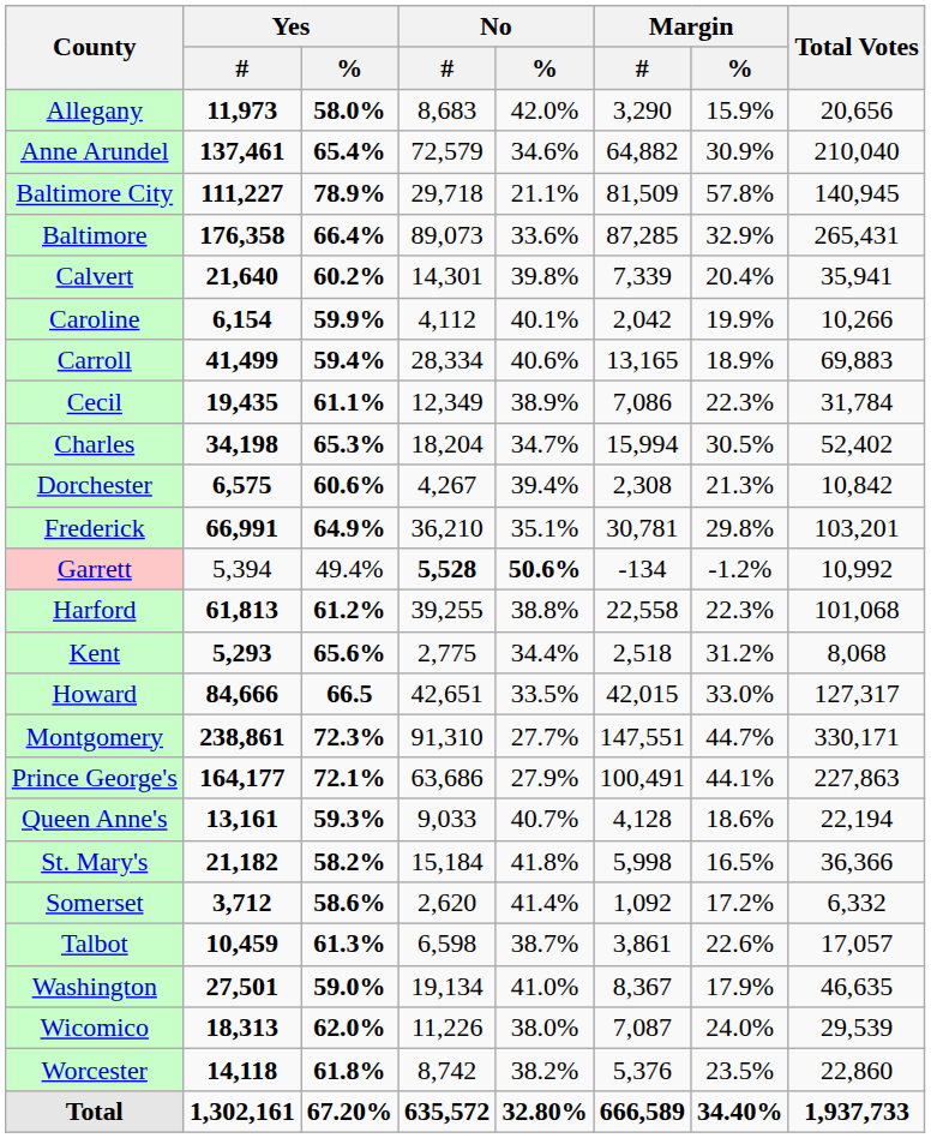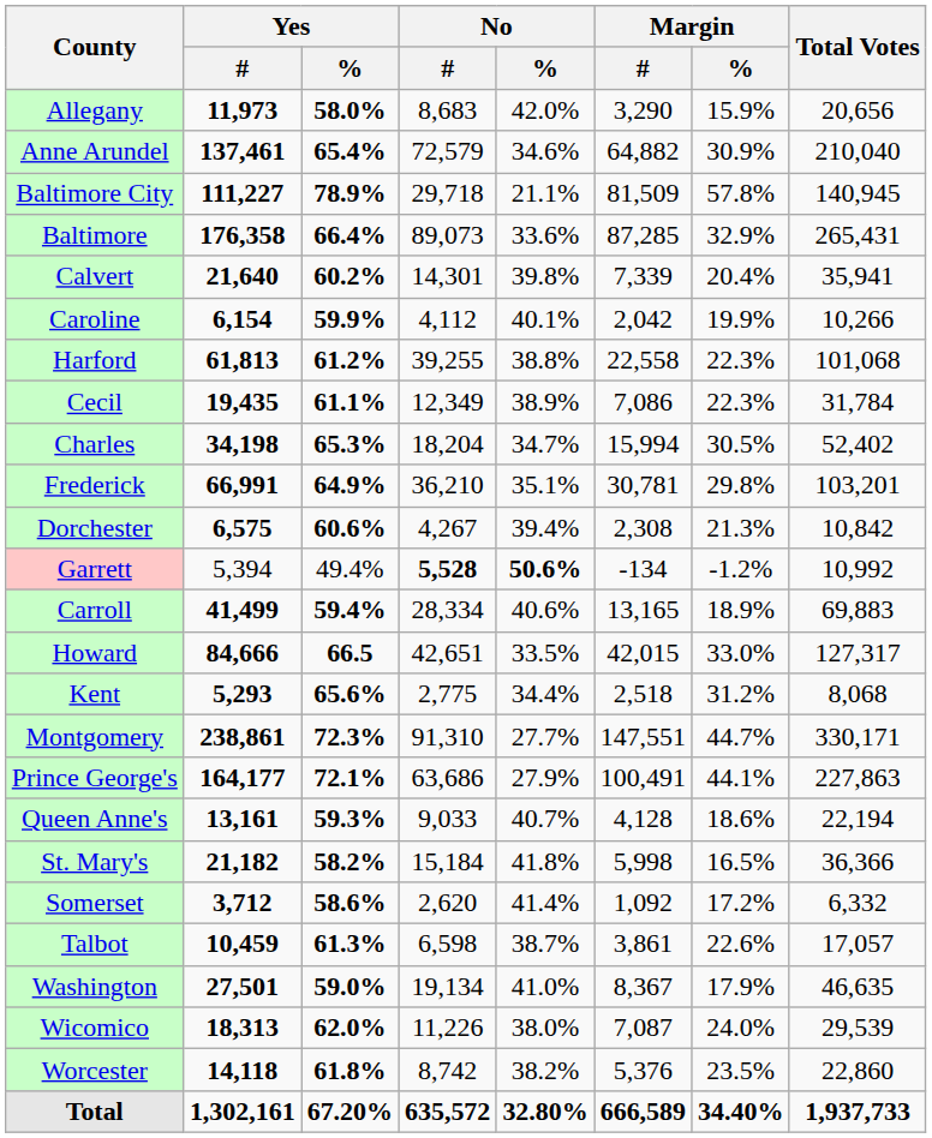 <table class="wikitable sortable" style="text-align:center">
 <tr style="background:lightgrey;">
 <th rowspan="2">County</th>
 <th colspan="2">Yes</th>
 <th colspan="2">No</th>
 <th colspan="2">Margin</th>
 <th rowspan="2">Total Votes</th>
 </tr>
 <tr>
 <th>#</th>
 <th>%</th>
 <th>#</th>
 <th>%</th>
 <th>#</th>
 <th>%</th>
 </tr>
 <tr>
 <td style="text-align:center; background:#c8ffc8;"><a href='#'>Allegany</a></td>
 <td style="text-align:center;"><strong>11,973</strong></td>
 <td style="text-align:center;"><strong>58.0%</strong></td>
 <td style="text-align:center;">8,683</td>
 <td style="text-align:center;">42.0%</td>
 <td style="text-align:center;">3,290</td>
 <td style="text-align:center;">15.9%</td>
 <td style="text-align:center;">20,656</td>
 </tr>
 <tr>
 <td style="text-align:center; background:#c8ffc8;"><a href='#'>Anne Arundel</a></td>
 <td style="text-align:center;"><strong>137,461</strong></td>
 <td style="text-align:center;"><strong>65.4%</strong></td>
 <td style="text-align:center;">72,579</td>
 <td style="text-align:center;">34.6%</td>
 <td style="text-align:center;">64,882</td>
 <td style="text-align:center;">30.9%</td>
 <td style="text-align:center;">210,040</td>
 </tr>
 <tr>
 <td style="text-align:center; background:#c8ffc8;"><a href='#'>Baltimore City</a></td>
 <td style="text-align:center;"><strong>111,227</strong></td>
 <td style="text-align:center;"><strong>78.9%</strong></td>
 <td style="text-align:center;">29,718</td>
 <td style="text-align:center;">21.1%</td>
 <td style="text-align:center;">81,509</td>
 <td style="text-align:center;">57.8%</td>
 <td style="text-align:center;">140,945</td>
 </tr>
 <tr>
 <td style="text-align:center; background:#c8ffc8;"><a href='#'>Baltimore</a></td>
 <td style="text-align:center;"><strong>176,358</strong></td>
 <td style="text-align:center;"><strong>66.4%</strong></td>
 <td style="text-align:center;">89,073</td>
 <td style="text-align:center;">33.6%</td>
 <td style="text-align:center;">87,285</td>
 <td style="text-align:center;">32.9%</td>
 <td style="text-align:center;">265,431</td>
 </tr>
 <tr>
 <td style="text-align:center; background:#c8ffc8;"><a href='#'>Calvert</a></td>
 <td style="text-align:center;"><strong>21,640</strong></td>
 <td style="text-align:center;"><strong>60.2%</strong></td>
 <td style="text-align:center;">14,301</td>
 <td style="text-align:center;">39.8%</td>
 <td style="text-align:center;">7,339</td>
 <td style="text-align:center;">20.4%</td>
 <td style="text-align:center;">35,941</td>
 </tr>
 <tr>
 <td style="text-align:center; background:#c8ffc8;"><a href='#'>Caroline</a></td>
 <td style="text-align:center;"><strong>6,154</strong></td>
 <td style="text-align:center;"><strong>59.9%</strong></td>
 <td style="text-align:center;">4,112</td>
 <td style="text-align:center;">40.1%</td>
 <td style="text-align:center;">2,042</td>
 <td style="text-align:center;">19.9%</td>
 <td style="text-align:center;">10,266</td>
 </tr>
 <tr>
-<td style="text-align:center; background:#c8ffc8;"><a href='#'>Carroll</a></td>
-<td style="text-align:center;"><strong>41,499</strong></td>
-<td style="text-align:center;"><strong>59.4%</strong></td>
-<td style="text-align:center;">28,334</td>
-<td style="text-align:center;">40.6%</td>
-<td style="text-align:center;">13,165</td>
-<td style="text-align:center;">18.9%</td>
-<td style="text-align:center;">69,883</td>
+<td style="text-align:center; background:#c8ffc8;"><a href='#'>Harford</a></td>
+<td style="text-align:center;"><strong>61,813</strong></td>
+<td style="text-align:center;"><strong>61.2%</strong></td>
+<td style="text-align:center;">39,255</td>
+<td style="text-align:center;">38.8%</td>
+<td style="text-align:center;">22,558</td>
+<td style="text-align:center;">22.3%</td>
+<td style="text-align:center;">101,068</td>
 </tr>
 <tr>
 <td style="text-align:center; background:#c8ffc8;"><a href='#'>Cecil</a></td>
 <td style="text-align:center;"><strong>19,435</strong></td>
 <td style="text-align:center;"><strong>61.1%</strong></td>
 <td style="text-align:center;">12,349</td>
 <td style="text-align:center;">38.9%</td>
 <td style="text-align:center;">7,086</td>
 <td style="text-align:center;">22.3%</td>
 <td style="text-align:center;">31,784</td>
 </tr>
 <tr>
 <td style="text-align:center; background:#c8ffc8;"><a href='#'>Charles</a></td>
 <td style="text-align:center;"><strong>34,198</strong></td>
 <td style="text-align:center;"><strong>65.3%</strong></td>
 <td style="text-align:center;">18,204</td>
 <td style="text-align:center;">34.7%</td>
 <td style="text-align:center;">15,994</td>
 <td style="text-align:center;">30.5%</td>
 <td style="text-align:center;">52,402</td>
 </tr>
 <tr>
+<td style="text-align:center; background:#c8ffc8;"><a href='#'>Frederick</a></td>
+<td style="text-align:center;"><strong>66,991</strong></td>
+<td style="text-align:center;"><strong>64.9%</strong></td>
+<td style="text-align:center;">36,210</td>
+<td style="text-align:center;">35.1%</td>
+<td style="text-align:center;">30,781</td>
+<td style="text-align:center;">29.8%</td>
+<td style="text-align:center;">103,201</td>
+</tr>
+<tr>
 <td style="text-align:center; background:#c8ffc8;"><a href='#'>Dorchester</a></td>
 <td style="text-align:center;"><strong>6,575</strong></td>
 <td style="text-align:center;"><strong>60.6%</strong></td>
 <td style="text-align:center;">4,267</td>
 <td style="text-align:center;">39.4%</td>
 <td style="text-align:center;">2,308</td>
 <td style="text-align:center;">21.3%</td>
 <td style="text-align:center;">10,842</td>
-</tr>
-<tr>
-<td style="text-align:center; background:#c8ffc8;"><a href='#'>Frederick</a></td>
-<td style="text-align:center;"><strong>66,991</strong></td>
-<td style="text-align:center;"><strong>64.9%</strong></td>
-<td style="text-align:center;">36,210</td>
-<td style="text-align:center;">35.1%</td>
-<td style="text-align:center;">30,781</td>
-<td style="text-align:center;">29.8%</td>
-<td style="text-align:center;">103,201</td>
 </tr>
 <tr>
 <td style="text-align:center; background:#ffc8c8;"><a href='#'>Garrett</a></td>
 <td style="text-align:center;">5,394</td>
 <td style="text-align:center;">49.4%</td>
 <td style="text-align:center;"><strong>5,528</strong></td>
 <td style="text-align:center;"><strong>50.6%</strong></td>
 <td style="text-align:center;">-134</td>
 <td style="text-align:center;">-1.2%</td>
 <td style="text-align:center;">10,992</td>
 </tr>
 <tr>
-<td style="text-align:center; background:#c8ffc8;"><a href='#'>Harford</a></td>
-<td style="text-align:center;"><strong>61,813</strong></td>
-<td style="text-align:center;"><strong>61.2%</strong></td>
-<td style="text-align:center;">39,255</td>
-<td style="text-align:center;">38.8%</td>
-<td style="text-align:center;">22,558</td>
-<td style="text-align:center;">22.3%</td>
-<td style="text-align:center;">101,068</td>
+<td style="text-align:center; background:#c8ffc8;"><a href='#'>Carroll</a></td>
+<td style="text-align:center;"><strong>41,499</strong></td>
+<td style="text-align:center;"><strong>59.4%</strong></td>
+<td style="text-align:center;">28,334</td>
+<td style="text-align:center;">40.6%</td>
+<td style="text-align:center;">13,165</td>
+<td style="text-align:center;">18.9%</td>
+<td style="text-align:center;">69,883</td>
+</tr>
+<tr>
+<td style="text-align:center; background:#c8ffc8;"><a href='#'>Howard</a></td>
+<td style="text-align:center;"><strong>84,666</strong></td>
+<td style="text-align:center;"><strong>66.5</strong></td>
+<td style="text-align:center;">42,651</td>
+<td style="text-align:center;">33.5%</td>
+<td style="text-align:center;">42,015</td>
+<td style="text-align:center;">33.0%</td>
+<td style="text-align:center;">127,317</td>
 </tr>
 <tr>
 <td style="text-align:center; background:#c8ffc8;"><a href='#'>Kent</a></td>
 <td style="text-align:center;"><strong>5,293</strong></td>
 <td style="text-align:center;"><strong>65.6%</strong></td>
 <td style="text-align:center;">2,775</td>
 <td style="text-align:center;">34.4%</td>
 <td style="text-align:center;">2,518</td>
 <td style="text-align:center;">31.2%</td>
 <td style="text-align:center;">8,068</td>
-</tr>
-<tr>
-<td style="text-align:center; background:#c8ffc8;"><a href='#'>Howard</a></td>
-<td style="text-align:center;"><strong>84,666</strong></td>
-<td style="text-align:center;"><strong>66.5</strong></td>
-<td style="text-align:center;">42,651</td>
-<td style="text-align:center;">33.5%</td>
-<td style="text-align:center;">42,015</td>
-<td style="text-align:center;">33.0%</td>
-<td style="text-align:center;">127,317</td>
 </tr>
 <tr>
 <td style="text-align:center; background:#c8ffc8;"><a href='#'>Montgomery</a></td>
 <td style="text-align:center;"><strong>238,861</strong></td>
 <td style="text-align:center;"><strong>72.3%</strong></td>
 <td style="text-align:center;">91,310</td>
 <td style="text-align:center;">27.7%</td>
 <td style="text-align:center;">147,551</td>
 <td style="text-align:center;">44.7%</td>
 <td style="text-align:center;">330,171</td>
 </tr>
 <tr>
 <td style="text-align:center; background:#c8ffc8;"><a href='#'>Prince George's</a></td>
 <td style="text-align:center;"><strong>164,177</strong></td>
 <td style="text-align:center;"><strong>72.1%</strong></td>
 <td style="text-align:center;">63,686</td>
 <td style="text-align:center;">27.9%</td>
 <td style="text-align:center;">100,491</td>
 <td style="text-align:center;">44.1%</td>
 <td style="text-align:center;">227,863</td>
 </tr>
 <tr>
 <td style="text-align:center; background:#c8ffc8;"><a href='#'>Queen Anne's</a></td>
 <td style="text-align:center;"><strong>13,161</strong></td>
 <td style="text-align:center;"><strong>59.3%</strong></td>
 <td style="text-align:center;">9,033</td>
 <td style="text-align:center;">40.7%</td>
 <td style="text-align:center;">4,128</td>
 <td style="text-align:center;">18.6%</td>
 <td style="text-align:center;">22,194</td>
 </tr>
 <tr>
 <td style="text-align:center; background:#c8ffc8;"><a href='#'>St. Mary's</a></td>
 <td style="text-align:center;"><strong>21,182</strong></td>
 <td style="text-align:center;"><strong>58.2%</strong></td>
 <td style="text-align:center;">15,184</td>
 <td style="text-align:center;">41.8%</td>
 <td style="text-align:center;">5,998</td>
 <td style="text-align:center;">16.5%</td>
 <td style="text-align:center;">36,366</td>
 </tr>
 <tr>
 <td style="text-align:center; background:#c8ffc8;"><a href='#'>Somerset</a></td>
 <td style="text-align:center;"><strong>3,712</strong></td>
 <td style="text-align:center;"><strong>58.6%</strong></td>
 <td style="text-align:center;">2,620</td>
 <td style="text-align:center;">41.4%</td>
 <td style="text-align:center;">1,092</td>
 <td style="text-align:center;">17.2%</td>
 <td style="text-align:center;">6,332</td>
 </tr>
 <tr>
 <td style="text-align:center; background:#c8ffc8;"><a href='#'>Talbot</a></td>
 <td style="text-align:center;"><strong>10,459</strong></td>
 <td style="text-align:center;"><strong>61.3%</strong></td>
 <td style="text-align:center;">6,598</td>
 <td style="text-align:center;">38.7%</td>
 <td style="text-align:center;">3,861</td>
 <td style="text-align:center;">22.6%</td>
 <td style="text-align:center;">17,057</td>
 </tr>
 <tr>
 <td style="text-align:center; background:#c8ffc8;"><a href='#'>Washington</a></td>
 <td style="text-align:center;"><strong>27,501</strong></td>
 <td style="text-align:center;"><strong>59.0%</strong></td>
 <td style="text-align:center;">19,134</td>
 <td style="text-align:center;">41.0%</td>
 <td style="text-align:center;">8,367</td>
 <td style="text-align:center;">17.9%</td>
 <td style="text-align:center;">46,635</td>
 </tr>
 <tr>
 <td style="text-align:center; background:#c8ffc8;"><a href='#'>Wicomico</a></td>
 <td style="text-align:center;"><strong>18,313</strong></td>
 <td style="text-align:center;"><strong>62.0%</strong></td>
 <td style="text-align:center;">11,226</td>
 <td style="text-align:center;">38.0%</td>
 <td style="text-align:center;">7,087</td>
 <td style="text-align:center;">24.0%</td>
 <td style="text-align:center;">29,539</td>
 </tr>
 <tr>
 <td style="text-align:center; background:#c8ffc8;"><a href='#'>Worcester</a></td>
 <td style="text-align:center;"><strong>14,118</strong></td>
 <td style="text-align:center;"><strong>61.8%</strong></td>
 <td style="text-align:center;">8,742</td>
 <td style="text-align:center;">38.2%</td>
 <td style="text-align:center;">5,376</td>
 <td style="text-align:center;">23.5%</td>
 <td style="text-align:center;">22,860</td>
 </tr>
 <tr class="sortbottom">
 <td style="background-color:#E6E6E6;"><strong>Total</strong></td>
 <td><strong>1,302,161</strong></td>
 <td><strong>67.20%</strong></td>
 <td><strong>635,572</strong></td>
 <td><strong>32.80%</strong></td>
 <td><strong>666,589</strong></td>
 <td><strong>34.40%</strong></td>
 <td><strong>1,937,733</strong></td>
 </tr>
 </table>
